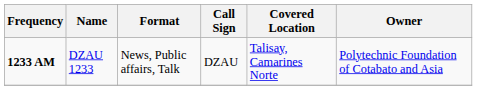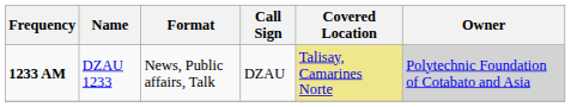 <table class="wikitable">
 <tr>
 <th>Frequency</th>
 <th>Name</th>
 <th>Format</th>
 <th>Call Sign</th>
 <th>Covered Location</th>
 <th>Owner</th>
 </tr>
 <tr>
 <td><strong>1233 AM</strong></td>
 <td><a href='#'>DZAU 1233</a></td>
 <td>News, Public affairs, Talk</td>
 <td>DZAU</td>
-<td><a href='#'>Talisay, Camarines Norte</a></td>
-<td><a href='#'>Polytechnic Foundation of Cotabato and Asia</a></td>
+<td style="background: khaki;"><a href='#'>Talisay, Camarines Norte</a></td>
+<td style="background: lightgrey;"><a href='#'>Polytechnic Foundation of Cotabato and Asia</a></td>
 </tr>
 <tr>
 </tr>
 </table>
